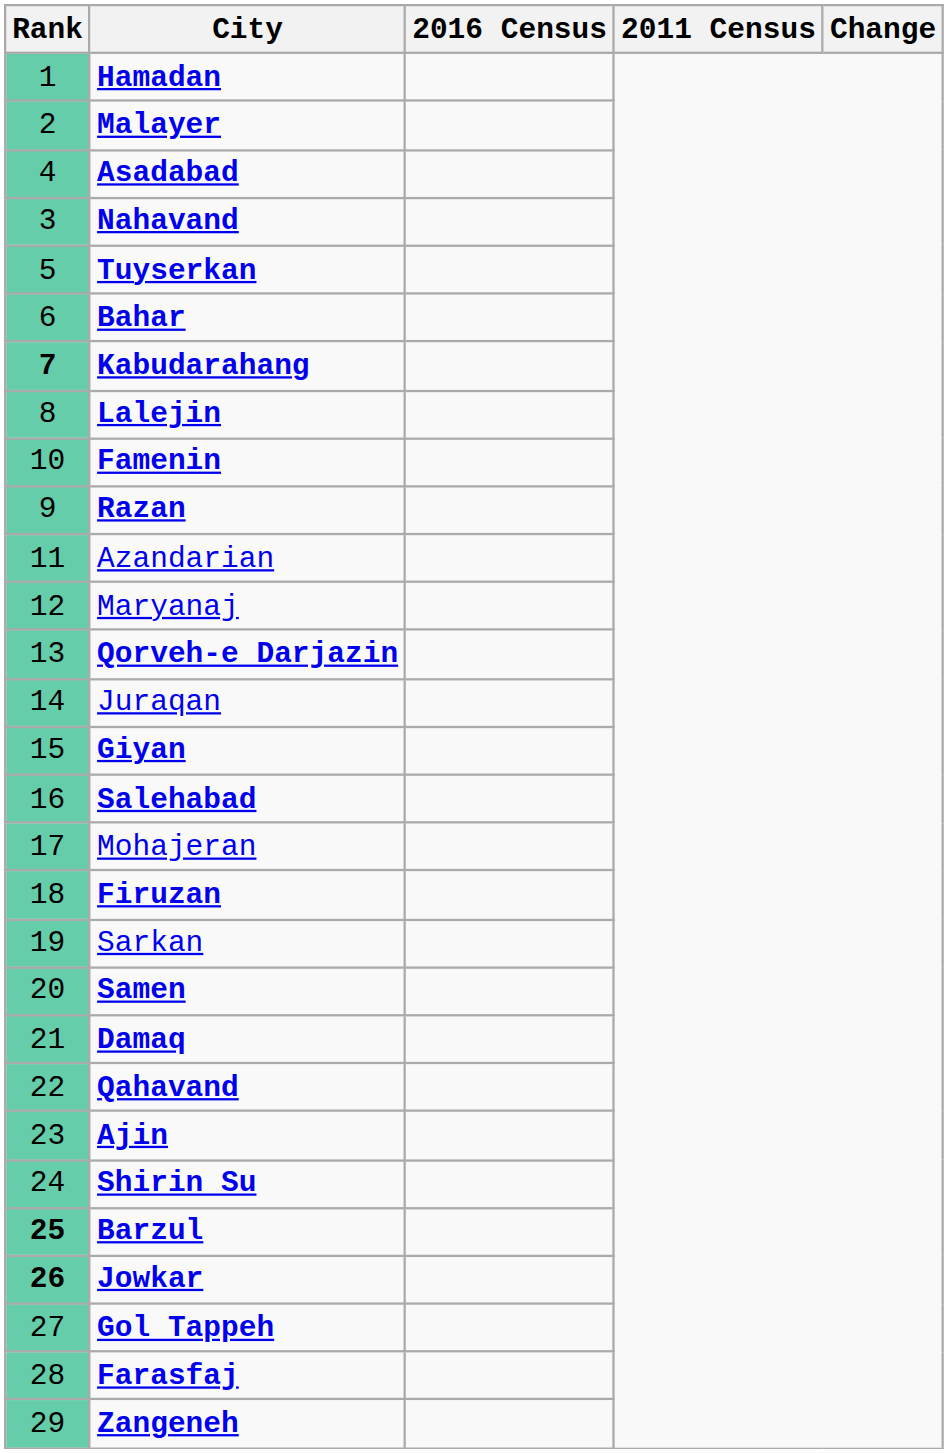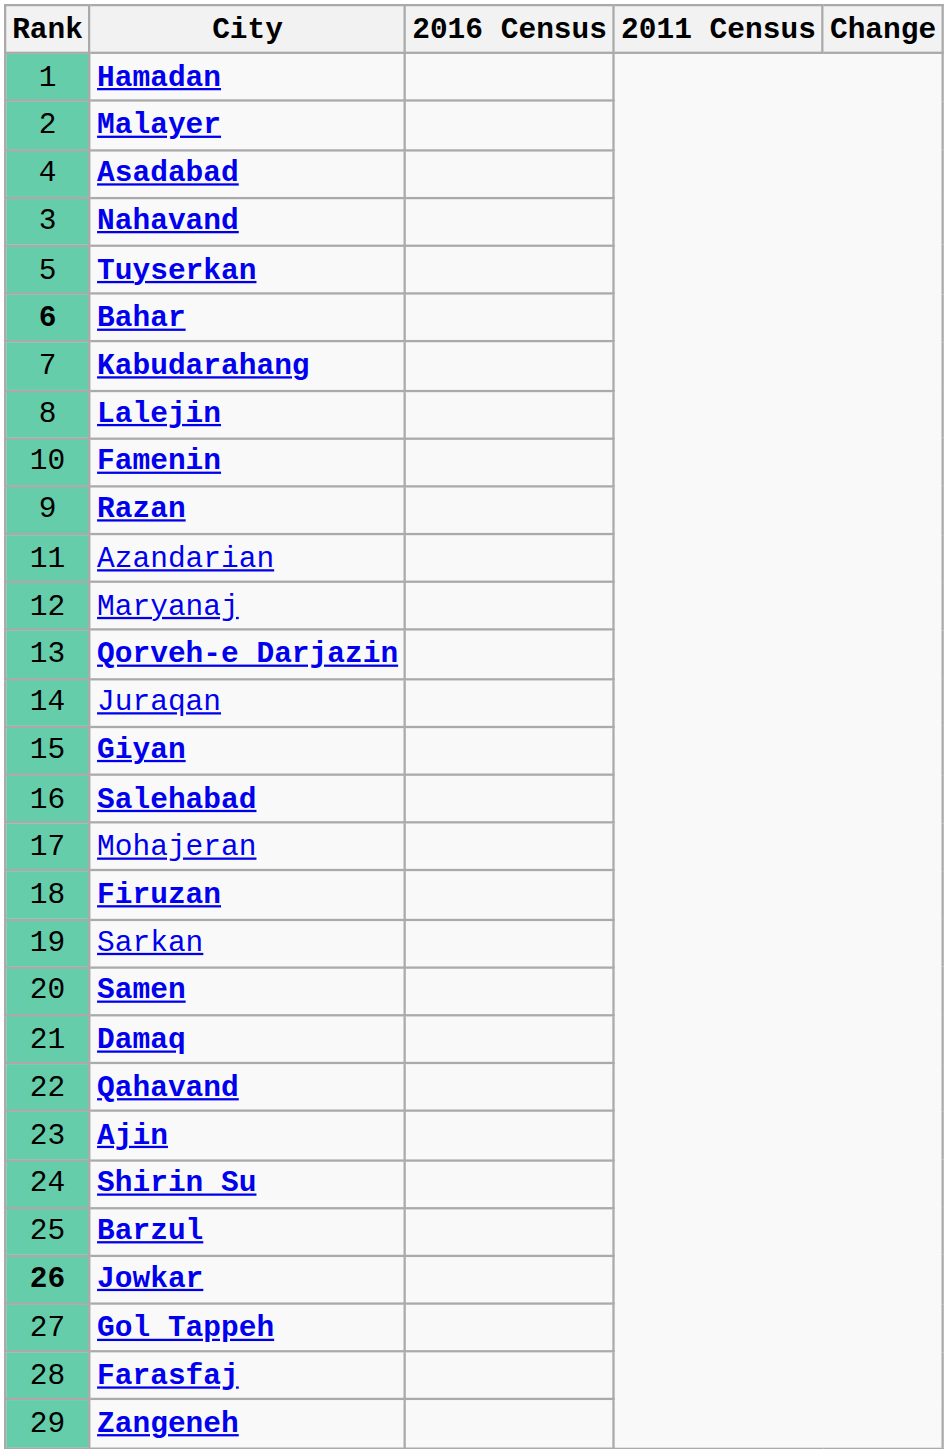 <table class="wikitable sortable">
 <tr>
 <th>Rank</th>
 <th>City</th>
 <th>2016 Census</th>
 <th>2011 Census</th>
 <th>Change</th>
 </tr>
 <tr>
 <td align=center bgcolor="66CDAA">1</td>
 <td><strong><a href='#'>Hamadan</a></strong></td>
 <td></td>
 </tr>
 <tr>
 <td align=center bgcolor="66CDAA">2</td>
 <td><strong><a href='#'>Malayer</a></strong></td>
 <td></td>
 </tr>
 <tr>
 <td align=center bgcolor="66CDAA">4</td>
 <td><strong><a href='#'>Asadabad</a></strong></td>
 <td></td>
 </tr>
 <tr>
 <td align=center bgcolor="66CDAA">3</td>
 <td><strong><a href='#'>Nahavand</a></strong></td>
 <td></td>
 </tr>
 <tr>
 <td align=center bgcolor="66CDAA">5</td>
 <td><strong><a href='#'>Tuyserkan</a></strong></td>
 <td></td>
 </tr>
 <tr>
-<td align=center bgcolor="66CDAA">6</td>
+<td align=center bgcolor="66CDAA"><strong>6</strong></td>
 <td><strong><a href='#'>Bahar</a></strong></td>
 <td></td>
 </tr>
 <tr>
-<td align=center bgcolor="66CDAA"><strong>7</strong></td>
+<td align=center bgcolor="66CDAA">7</td>
 <td><strong><a href='#'>Kabudarahang</a></strong></td>
 <td></td>
 </tr>
 <tr>
 <td align=center bgcolor="66CDAA">8</td>
 <td><strong><a href='#'>Lalejin</a></strong></td>
 <td></td>
 </tr>
 <tr>
 <td align=center bgcolor="66CDAA">10</td>
 <td><strong><a href='#'>Famenin</a></strong></td>
 <td></td>
 </tr>
 <tr>
 <td align=center bgcolor="66CDAA">9</td>
 <td><strong><a href='#'>Razan</a></strong></td>
 <td></td>
 </tr>
 <tr>
 <td align=center bgcolor="66CDAA">11</td>
 <td><a href='#'>Azandarian</a></td>
 <td></td>
 </tr>
 <tr>
 <td align=center bgcolor="66CDAA">12</td>
 <td><a href='#'>Maryanaj</a></td>
 <td></td>
 </tr>
 <tr>
 <td align=center bgcolor="66CDAA">13</td>
 <td><strong><a href='#'>Qorveh-e Darjazin</a></strong></td>
 <td></td>
 </tr>
 <tr>
 <td align=center bgcolor="66CDAA">14</td>
 <td><a href='#'>Juraqan</a></td>
 <td></td>
 </tr>
 <tr>
 <td align=center bgcolor="66CDAA">15</td>
 <td><strong><a href='#'>Giyan</a></strong></td>
 <td></td>
 </tr>
 <tr>
 <td align=center bgcolor="66CDAA">16</td>
 <td><strong><a href='#'>Salehabad</a></strong></td>
 <td></td>
 </tr>
 <tr>
 <td align=center bgcolor="66CDAA">17</td>
 <td><a href='#'>Mohajeran</a></td>
 <td></td>
 </tr>
 <tr>
 <td align=center bgcolor="66CDAA">18</td>
 <td><strong><a href='#'>Firuzan</a></strong></td>
 <td></td>
 </tr>
 <tr>
 <td align=center bgcolor="66CDAA">19</td>
 <td><a href='#'>Sarkan</a></td>
 <td></td>
 </tr>
 <tr>
 <td align=center bgcolor="66CDAA">20</td>
 <td><strong><a href='#'>Samen</a></strong></td>
 <td></td>
 </tr>
 <tr>
 <td align=center bgcolor="66CDAA">21</td>
 <td><strong><a href='#'>Damaq</a></strong></td>
 <td></td>
 </tr>
 <tr>
 <td align=center bgcolor="66CDAA">22</td>
 <td><strong><a href='#'>Qahavand</a></strong></td>
 <td></td>
 </tr>
 <tr>
 <td align=center bgcolor="66CDAA">23</td>
 <td><strong><a href='#'>Ajin</a></strong></td>
 <td></td>
 </tr>
 <tr>
 <td align=center bgcolor="66CDAA">24</td>
 <td><strong><a href='#'>Shirin Su</a></strong></td>
 <td></td>
 </tr>
 <tr>
-<td align=center bgcolor="66CDAA"><strong>25</strong></td>
+<td align=center bgcolor="66CDAA">25</td>
 <td><strong><a href='#'>Barzul</a></strong></td>
 <td></td>
 </tr>
 <tr>
 <td align=center bgcolor="66CDAA"><strong>26</strong></td>
 <td><strong><a href='#'>Jowkar</a></strong></td>
 <td></td>
 </tr>
 <tr>
 <td align=center bgcolor="66CDAA">27</td>
 <td><strong><a href='#'>Gol Tappeh</a></strong></td>
 <td></td>
 </tr>
 <tr>
 <td align=center bgcolor="66CDAA">28</td>
 <td><strong><a href='#'>Farasfaj</a></strong></td>
 <td></td>
 </tr>
 <tr>
 <td align=center bgcolor="66CDAA">29</td>
 <td><strong><a href='#'>Zangeneh</a></strong></td>
 <td></td>
 </tr>
 <tr>
 </tr>
 </table>
